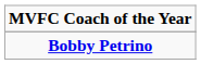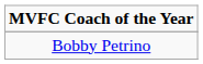 <table class="wikitable" style="display: inline-table;">
 <tr>
 <td align="center" Colspan="4"><strong>MVFC Coach of the Year</strong></td>
 </tr>
 <tr align="center">
 </tr>
 <tr align="center">
-<td><strong><a href='#'>Bobby Petrino</a></strong></td>
+<td><a href='#'>Bobby Petrino</a></td>
 </tr>
 <tr align="center">
 </tr>
 </table>
